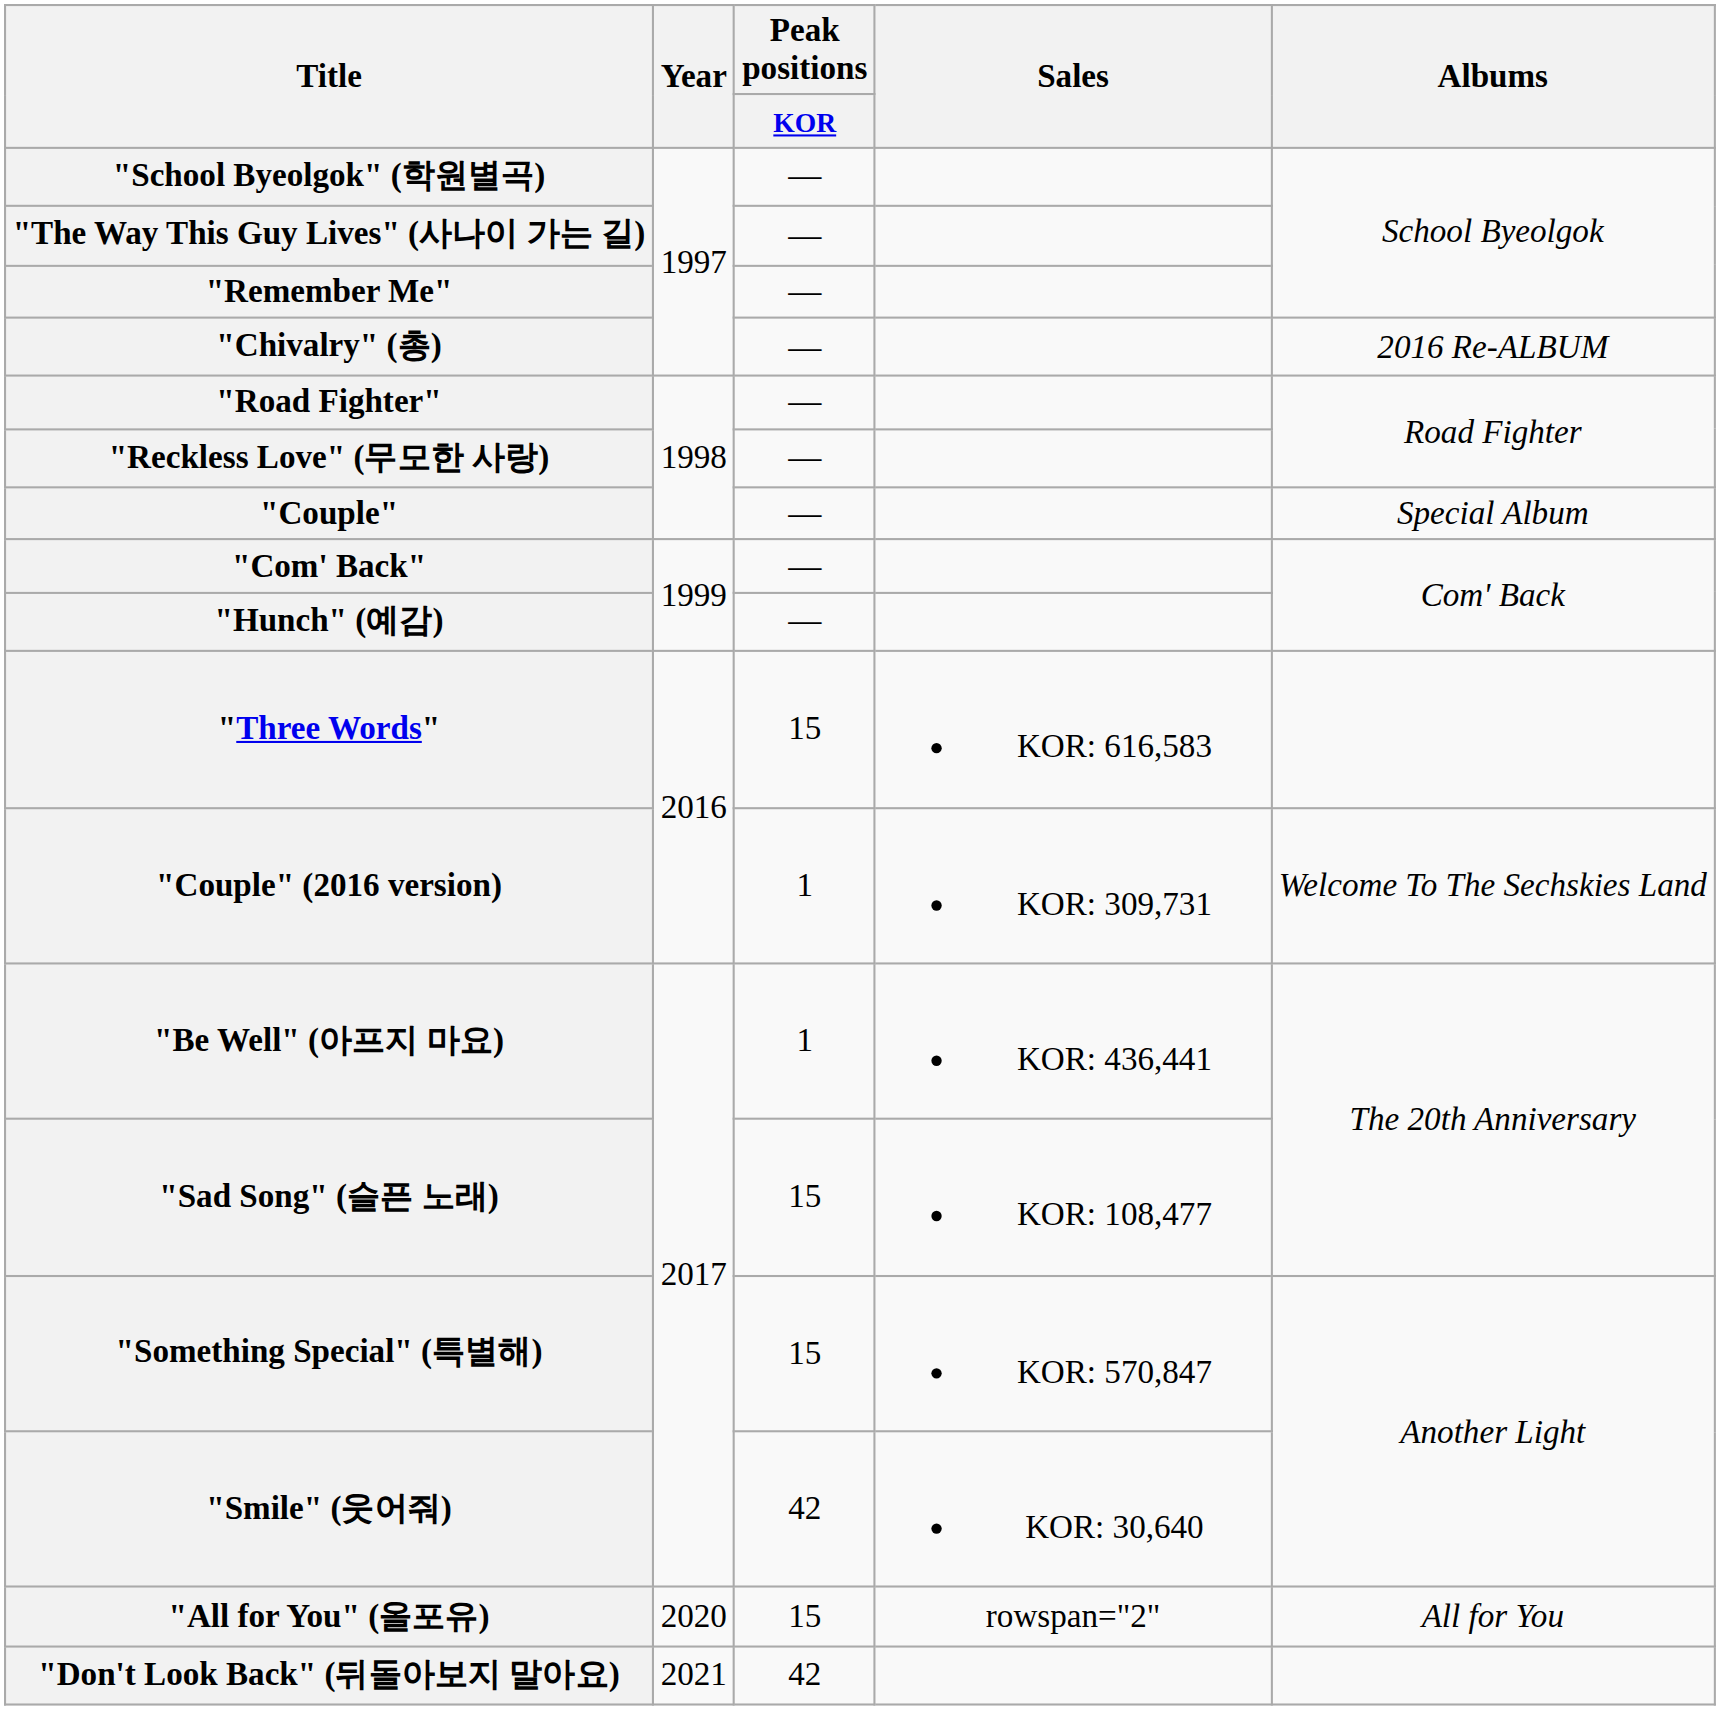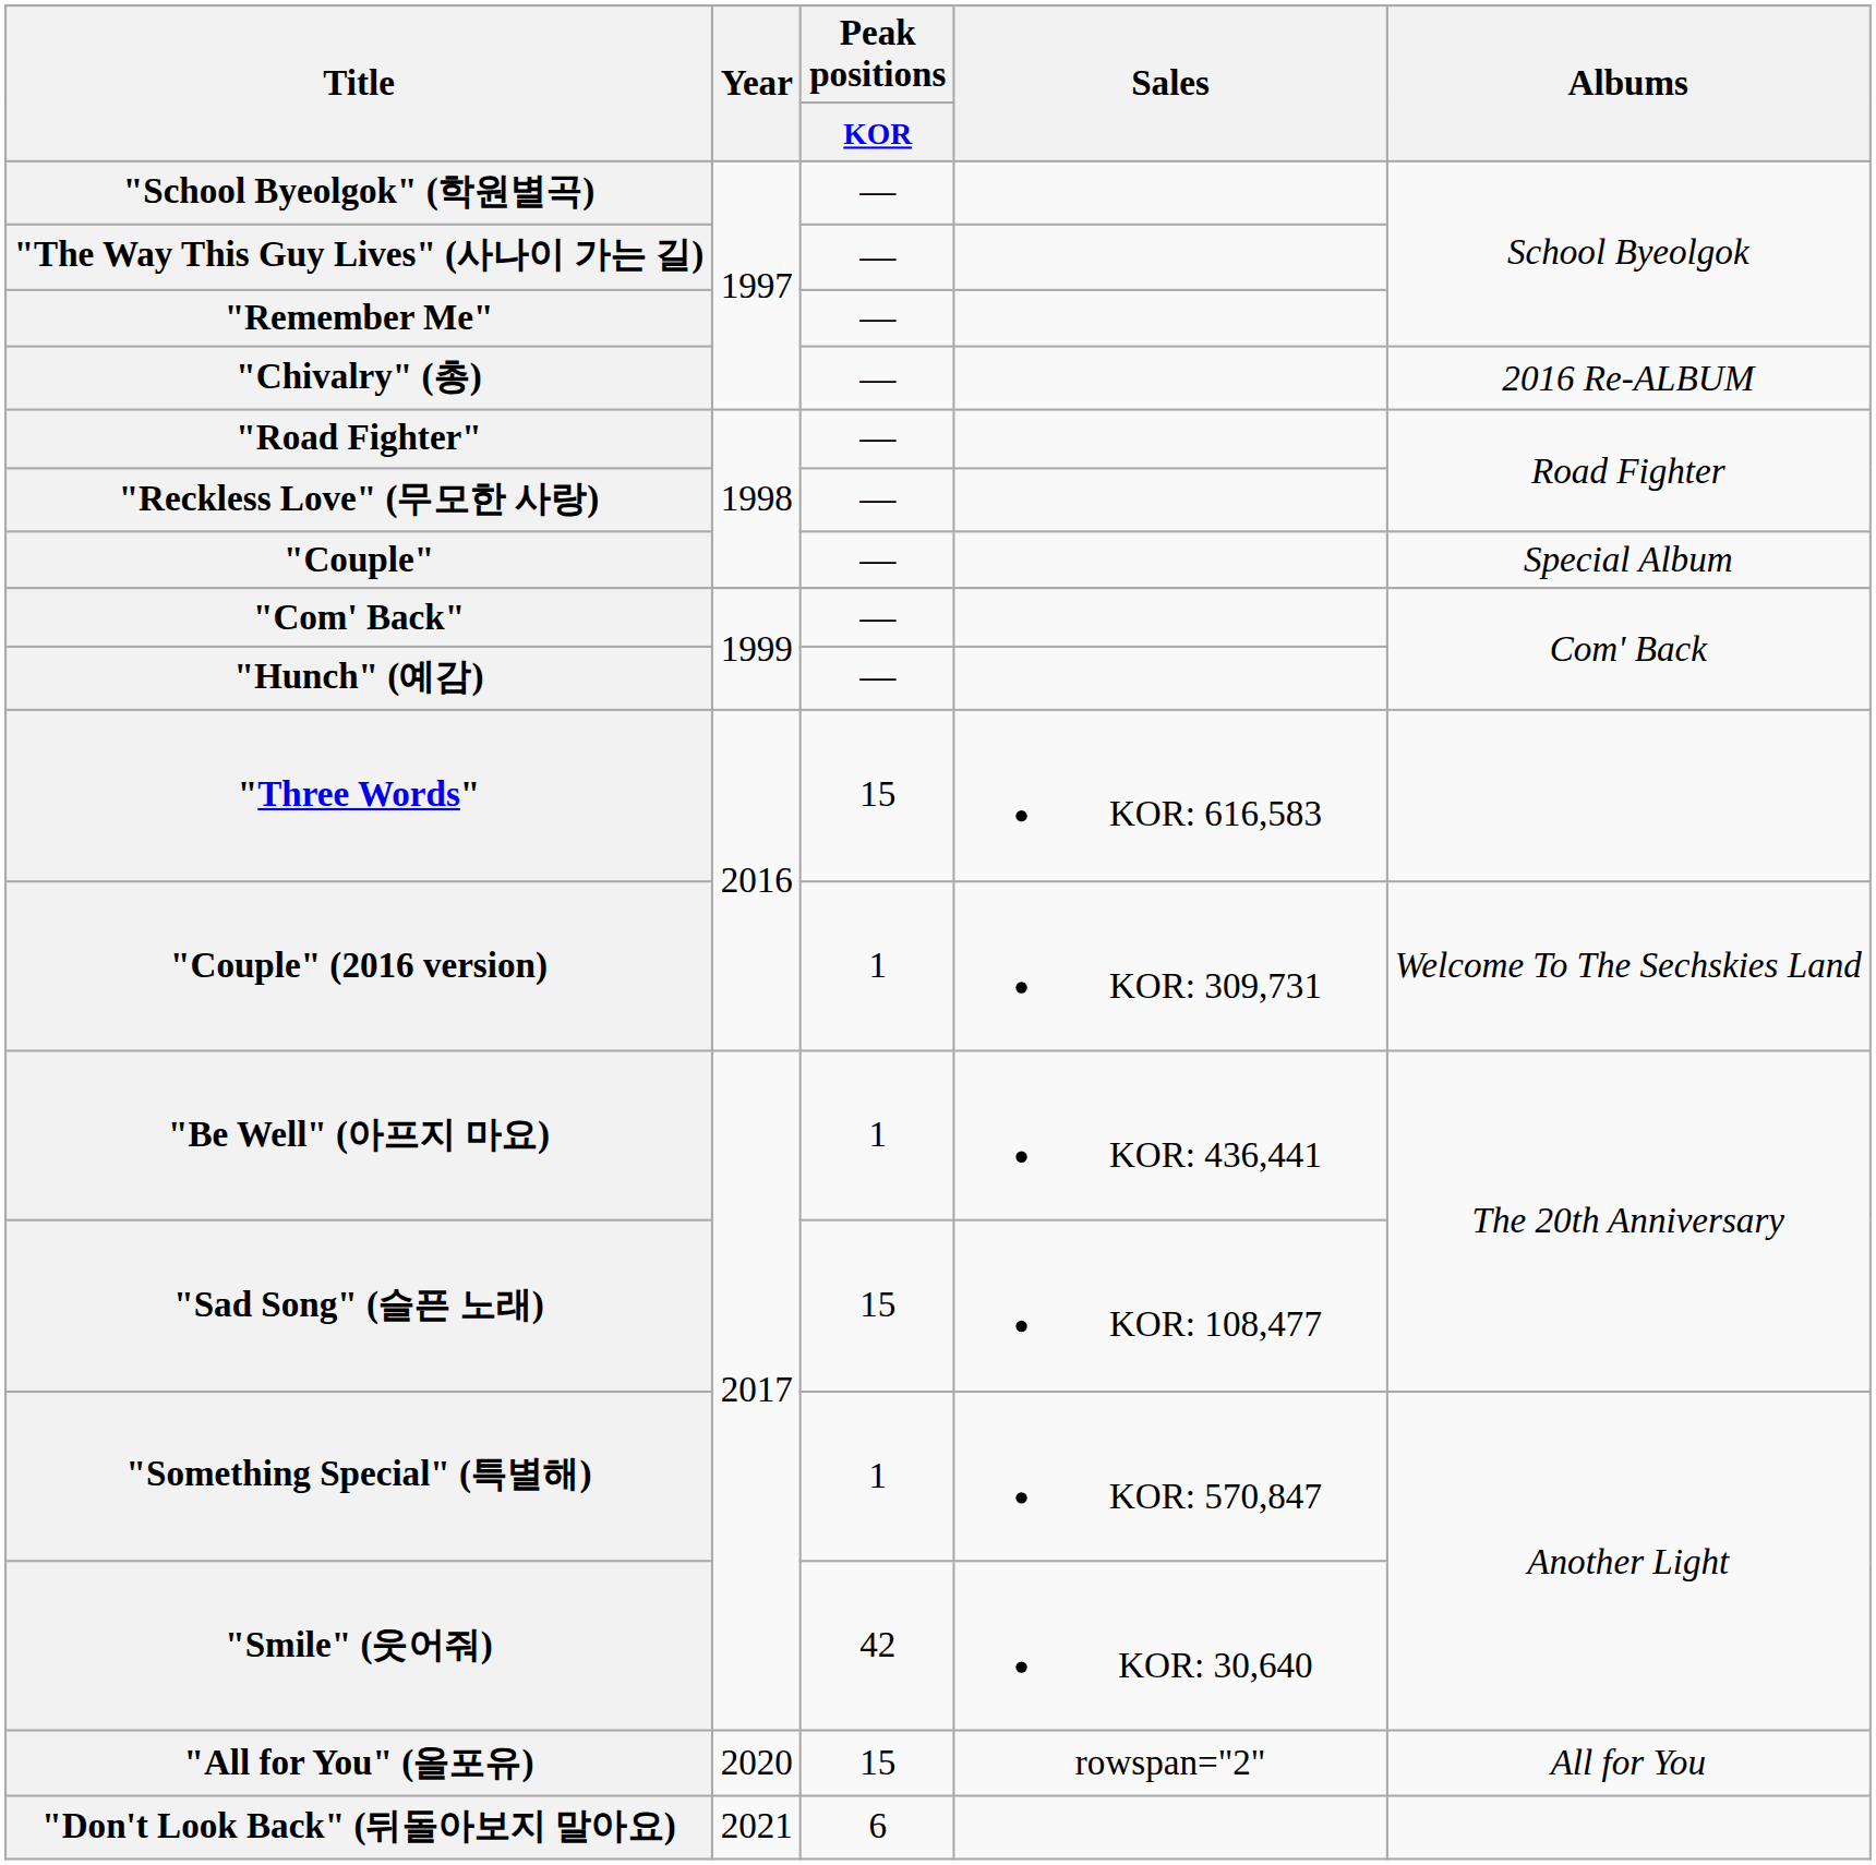 <table class="wikitable plainrowheaders" style="text-align:center;">
 <tr>
 <th scope="col" rowspan="2">Title</th>
 <th scope="col" rowspan="2">Year</th>
 <th scope="col" colspan="1">Peak positions</th>
 <th scope="col" rowspan="2" style="width:11.5em;">Sales</th>
 <th scope="col" rowspan="2">Albums</th>
 </tr>
 <tr>
 <th width="40"><small><a href='#'>KOR</a></small><br></th>
 </tr>
 <tr>
 <th scope="row">"School Byeolgok" (학원별곡)</th>
 <td rowspan="4">1997</td>
 <td>—</td>
 <td></td>
 <td rowspan="3"><em>School Byeolgok</em></td>
 </tr>
 <tr>
 <th scope="row">"The Way This Guy Lives" (사나이 가는 길)</th>
 <td>—</td>
 <td></td>
 </tr>
 <tr>
 <th scope="row">"Remember Me"</th>
 <td>—</td>
 <td></td>
 </tr>
 <tr>
 <th scope="row">"Chivalry" (총)</th>
 <td>—</td>
 <td></td>
 <td><em>2016 Re-ALBUM</em></td>
 </tr>
 <tr>
 <th scope="row">"Road Fighter"</th>
 <td rowspan="3">1998</td>
 <td>—</td>
 <td></td>
 <td rowspan="2"><em>Road Fighter</em></td>
 </tr>
 <tr>
 <th scope="row">"Reckless Love" (무모한 사랑)</th>
 <td>—</td>
 <td></td>
 </tr>
 <tr>
 <th scope="row">"Couple"</th>
 <td>—</td>
 <td></td>
 <td><em>Special Album</em></td>
 </tr>
 <tr>
 <th scope="row">"Com' Back"</th>
 <td rowspan="2">1999</td>
 <td>—</td>
 <td></td>
 <td rowspan="2"><em>Com' Back</em></td>
 </tr>
 <tr>
 <th scope="row">"Hunch" (예감)</th>
 <td>—</td>
 <td></td>
 </tr>
 <tr>
 <th scope="row">"<a href='#'>Three Words</a>"</th>
 <td rowspan="2">2016</td>
 <td>15</td>
 <td><br><ul><li>KOR: 616,583</li></ul></td>
 <td></td>
 </tr>
 <tr>
 <th scope="row">"Couple" (2016 version)</th>
 <td>1</td>
 <td><br><ul><li>KOR: 309,731</li></ul></td>
 <td><em>Welcome To The Sechskies Land</em></td>
 </tr>
 <tr>
 <th scope="row">"Be Well" (아프지 마요)</th>
 <td rowspan="4">2017</td>
 <td>1</td>
 <td><br><ul><li>KOR: 436,441</li></ul></td>
 <td rowspan="2"><em>The 20th Anniversary</em></td>
 </tr>
 <tr>
 <th scope="row">"Sad Song" (슬픈 노래)</th>
 <td>15</td>
 <td><br><ul><li>KOR: 108,477</li></ul></td>
 </tr>
 <tr>
 <th scope="row">"Something Special" (특별해)</th>
-<td>15</td>
+<td>1</td>
 <td><br><ul><li>KOR: 570,847</li></ul></td>
 <td rowspan="2"><em>Another Light</em></td>
 </tr>
 <tr>
 <th scope="row">"Smile" (웃어줘)</th>
 <td>42</td>
 <td><br><ul><li>KOR: 30,640</li></ul></td>
 </tr>
 <tr>
 <th scope="row">"All for You" (올포유)</th>
 <td>2020</td>
 <td>15</td>
 <td>rowspan="2" </td>
 <td><em>All for You</em></td>
 </tr>
 <tr>
 <th scope="row">"Don't Look Back" (뒤돌아보지 말아요)</th>
 <td>2021</td>
-<td>42</td>
+<td>6</td>
 <td></td>
 </tr>
 </table>
